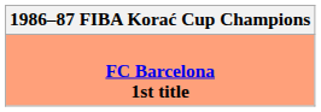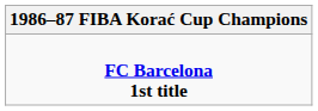 <table class=wikitable style="text-align:center; margin:auto">
 <tr>
 <th>1986–87 FIBA Korać Cup Champions</th>
 </tr>
 <tr>
-<td style="background: lightsalmon;"><br> <strong><a href='#'>FC Barcelona</a></strong> <br> <strong>1st title</strong></td>
+<td><br> <strong><a href='#'>FC Barcelona</a></strong> <br> <strong>1st title</strong></td>
 </tr>
 </table>
